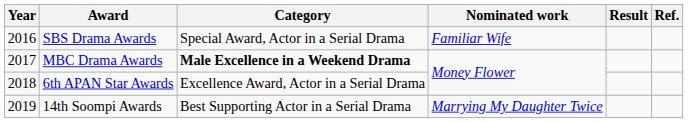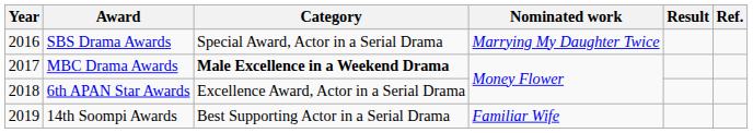 <table class="wikitable">
 <tr>
 <th>Year</th>
 <th>Award</th>
 <th>Category</th>
 <th>Nominated work</th>
 <th>Result</th>
 <th>Ref.</th>
 </tr>
 <tr>
 <td>2016</td>
 <td><a href='#'>SBS Drama Awards</a></td>
 <td>Special Award, Actor in a Serial Drama</td>
-<td><em><a href='#'>Familiar Wife</a></em></td>
+<td><em><a href='#'>Marrying My Daughter Twice</a></em></td>
 <td></td>
 <td></td>
 </tr>
 <tr>
 <td>2017</td>
 <td><a href='#'>MBC Drama Awards</a></td>
 <td><strong>Male Excellence in a Weekend Drama</strong></td>
 <td rowspan="2"><em><a href='#'>Money Flower</a></em></td>
 <td></td>
 <td></td>
 </tr>
 <tr>
 <td>2018</td>
 <td><a href='#'>6th APAN Star Awards</a></td>
 <td>Excellence Award, Actor in a Serial Drama</td>
 <td></td>
 <td></td>
 </tr>
 <tr>
 <td>2019</td>
 <td>14th Soompi Awards</td>
 <td>Best Supporting Actor in a Serial Drama</td>
-<td><em><a href='#'>Marrying My Daughter Twice</a></em></td>
+<td><em><a href='#'>Familiar Wife</a></em></td>
 <td></td>
 <td></td>
 </tr>
 </table>
